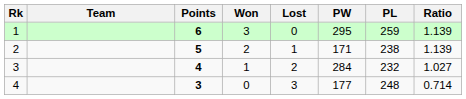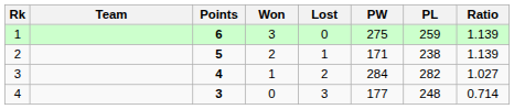 <table class=wikitable style=text-align:center>
 <tr>
 <th width=25>Rk</th>
 <th width=200>Team</th>
 <th width=60>Points</th>
 <th width=60>Won</th>
 <th width=60>Lost</th>
 <th width=60>PW</th>
 <th width=60>PL</th>
 <th width=60>Ratio</th>
 </tr>
 <tr bgcolor=#ccffcc>
 <td>1</td>
 <td align=left></td>
 <td><strong>6</strong></td>
 <td>3</td>
 <td>0</td>
-<td>295</td>
+<td>275</td>
 <td>259</td>
 <td>1.139</td>
 </tr>
 <tr>
 <td>2</td>
 <td align=left></td>
 <td><strong>5</strong></td>
 <td>2</td>
 <td>1</td>
 <td>171</td>
 <td>238</td>
 <td>1.139</td>
 </tr>
 <tr>
 <td>3</td>
 <td align=left></td>
 <td><strong>4</strong></td>
 <td>1</td>
 <td>2</td>
 <td>284</td>
-<td>232</td>
+<td>282</td>
 <td>1.027</td>
 </tr>
 <tr>
 <td>4</td>
 <td align=left></td>
 <td><strong>3</strong></td>
 <td>0</td>
 <td>3</td>
 <td>177</td>
 <td>248</td>
 <td>0.714</td>
 </tr>
 </table>
